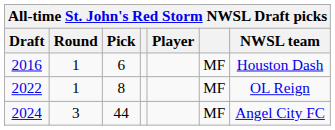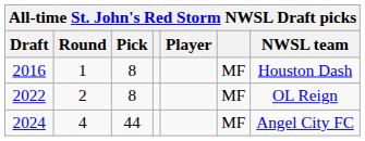 <table class="wikitable sortable" style="text-align: center;">
 <tr>
 <th colspan="7" style="background:#">All-time <a href='#'><span>St. John's Red Storm</span></a> NWSL Draft picks</th>
 </tr>
 <tr>
 <th scope="col">Draft</th>
 <th scope="col">Round</th>
 <th scope="col">Pick</th>
 <th scope="col"></th>
 <th scope="col">Player</th>
 <th scope="col"></th>
 <th scope="col">NWSL team</th>
 </tr>
 <tr>
 <td><a href='#'>2016</a></td>
 <td>1</td>
-<td>6</td>
+<td>8</td>
 <td></td>
 <td></td>
 <td>MF</td>
 <td><a href='#'>Houston Dash</a></td>
 </tr>
 <tr>
 <td><a href='#'>2022</a></td>
-<td>1</td>
+<td>2</td>
 <td>8</td>
 <td></td>
 <td></td>
 <td>MF</td>
 <td><a href='#'>OL Reign</a></td>
 </tr>
 <tr>
 <td><a href='#'>2024</a></td>
-<td>3</td>
+<td>4</td>
 <td>44</td>
 <td></td>
 <td></td>
 <td>MF</td>
 <td><a href='#'>Angel City FC</a></td>
 </tr>
 </table>
